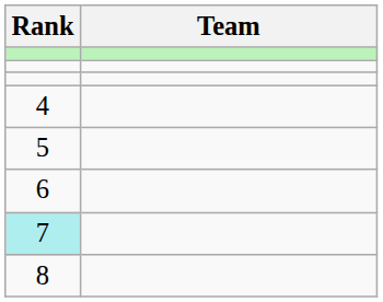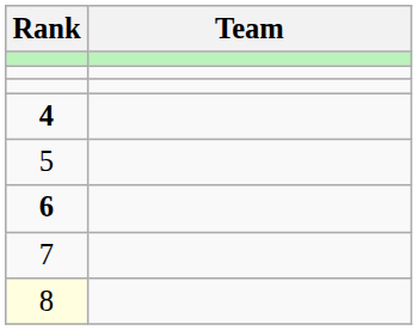 <table class="wikitable">
 <tr>
 <th>Rank</th>
 <th width=170>Team</th>
 </tr>
 <tr bgcolor=#bbf3bb>
 <td align=center></td>
 <td></td>
 </tr>
 <tr>
 <td align=center></td>
 <td></td>
 </tr>
 <tr>
 <td align=center></td>
 <td></td>
 </tr>
 <tr>
-<td align=center>4</td>
+<td align=center><strong>4</strong></td>
 <td></td>
 </tr>
 <tr>
 <td align=center>5</td>
 <td></td>
 </tr>
 <tr>
-<td align=center>6</td>
+<td align=center><strong>6</strong></td>
 <td></td>
 </tr>
 <tr>
-<td align=center style="background: paleturquoise;">7</td>
+<td align=center>7</td>
 <td></td>
 </tr>
 <tr>
-<td align=center>8</td>
+<td align=center style="background: lightyellow;">8</td>
 <td></td>
 </tr>
 </table>
